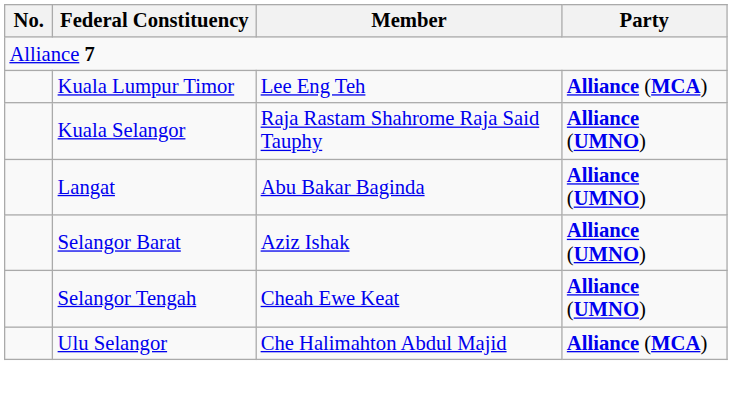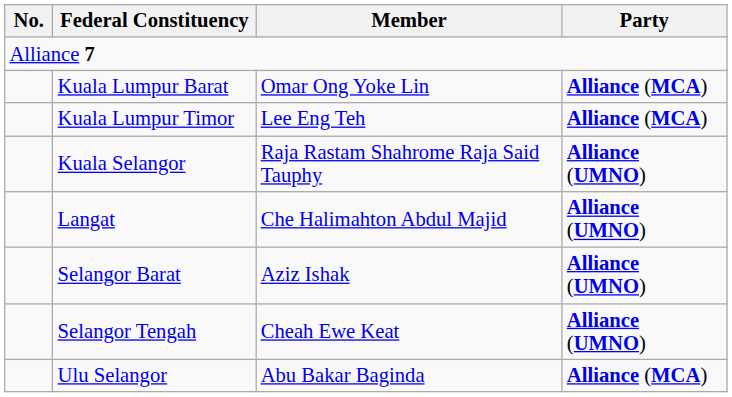 <table class="wikitable sortable">
 <tr>
 <th style="width:30px;">No.</th>
 <th style="width:150px;">Federal Constituency</th>
 <th style="width:230px;">Member</th>
 <th style="width:120px;">Party</th>
 </tr>
 <tr>
 <td colspan="4"><a href='#'>Alliance</a> <strong>7</strong></td>
+</tr>
+<tr>
+<td></td>
+<td><a href='#'>Kuala Lumpur Barat</a></td>
+<td><a href='#'>Omar Ong Yoke Lin</a></td>
+<td><strong><a href='#'>Alliance</a></strong> (<strong><a href='#'>MCA</a></strong>)</td>
 </tr>
 <tr>
 <td></td>
 <td><a href='#'>Kuala Lumpur Timor</a></td>
 <td><a href='#'>Lee Eng Teh</a></td>
 <td><strong><a href='#'>Alliance</a></strong> (<strong><a href='#'>MCA</a></strong>)</td>
 </tr>
 <tr>
 <td></td>
 <td><a href='#'>Kuala Selangor</a></td>
 <td><a href='#'>Raja Rastam Shahrome Raja Said Tauphy</a></td>
 <td><strong><a href='#'>Alliance</a></strong> (<strong><a href='#'>UMNO</a></strong>)</td>
 </tr>
 <tr>
 <td></td>
 <td><a href='#'>Langat</a></td>
-<td><a href='#'>Abu Bakar Baginda</a></td>
+<td><a href='#'>Che Halimahton Abdul Majid</a></td>
 <td><strong><a href='#'>Alliance</a></strong> (<strong><a href='#'>UMNO</a></strong>)</td>
 </tr>
 <tr>
 <td></td>
 <td><a href='#'>Selangor Barat</a></td>
 <td><a href='#'>Aziz Ishak</a></td>
 <td><strong><a href='#'>Alliance</a></strong> (<strong><a href='#'>UMNO</a></strong>)</td>
 </tr>
 <tr>
 <td></td>
 <td><a href='#'>Selangor Tengah</a></td>
 <td><a href='#'>Cheah Ewe Keat</a></td>
 <td><strong><a href='#'>Alliance</a></strong> (<strong><a href='#'>UMNO</a></strong>)</td>
 </tr>
 <tr>
 <td></td>
 <td><a href='#'>Ulu Selangor</a></td>
-<td><a href='#'>Che Halimahton Abdul Majid</a></td>
+<td><a href='#'>Abu Bakar Baginda</a></td>
 <td><strong><a href='#'>Alliance</a></strong> (<strong><a href='#'>MCA</a></strong>)</td>
 </tr>
 </table>
